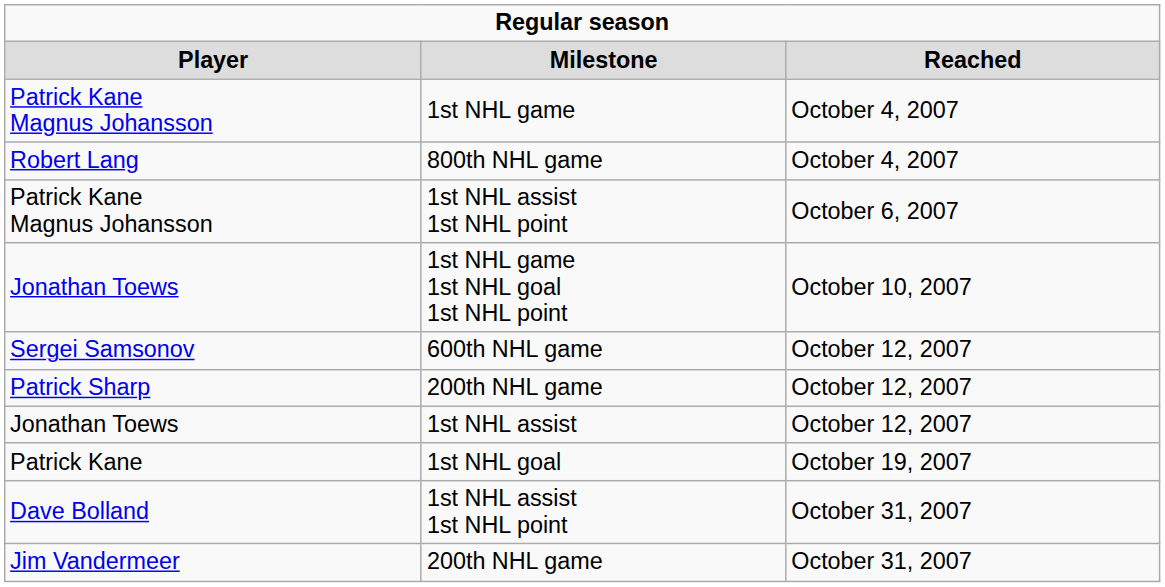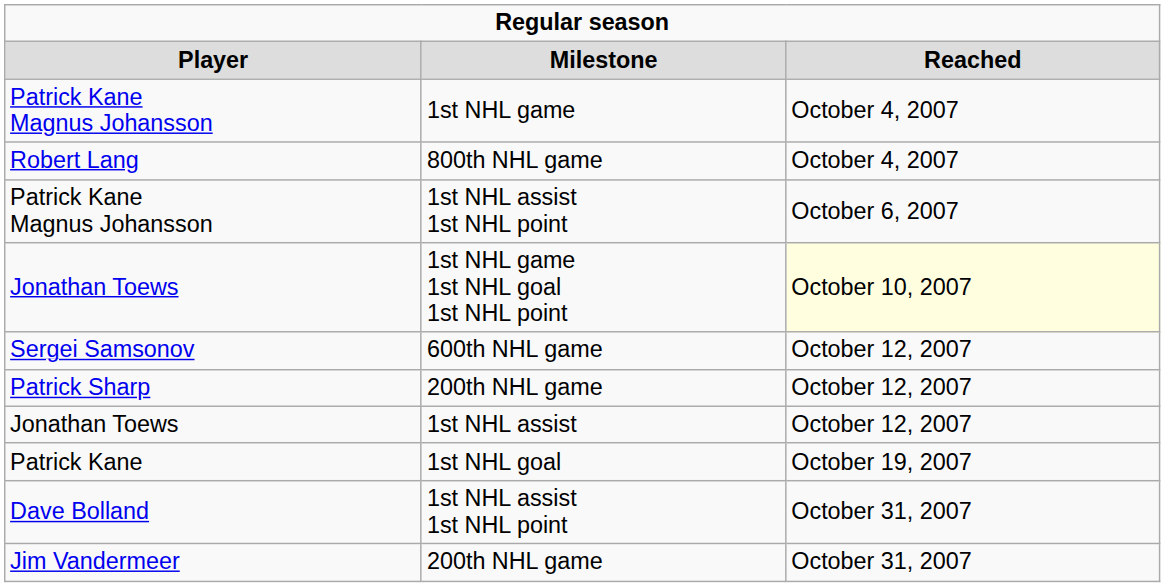 <table class="wikitable" width="50%">
 <tr>
 <td colspan="10" align="center"><strong>Regular season</strong></td>
 </tr>
 <tr align="center"  bgcolor="#dddddd">
 <td><strong>Player</strong></td>
 <td><strong>Milestone</strong></td>
 <td><strong>Reached</strong></td>
 </tr>
 <tr>
 <td><a href='#'>Patrick Kane</a><br><a href='#'>Magnus Johansson</a></td>
 <td>1st NHL game</td>
 <td>October 4, 2007</td>
 </tr>
 <tr>
 <td><a href='#'>Robert Lang</a></td>
 <td>800th NHL game</td>
 <td>October 4, 2007</td>
 </tr>
 <tr>
 <td>Patrick Kane<br>Magnus Johansson</td>
 <td>1st NHL assist<br>1st NHL point</td>
 <td>October 6, 2007</td>
 </tr>
 <tr>
 <td><a href='#'>Jonathan Toews</a></td>
 <td>1st NHL game<br>1st NHL goal<br>1st NHL point</td>
-<td>October 10, 2007</td>
+<td style="background: lightyellow;">October 10, 2007</td>
 </tr>
 <tr>
 <td><a href='#'>Sergei Samsonov</a></td>
 <td>600th NHL game</td>
 <td>October 12, 2007</td>
 </tr>
 <tr>
 <td><a href='#'>Patrick Sharp</a></td>
 <td>200th NHL game</td>
 <td>October 12, 2007</td>
 </tr>
 <tr>
 <td>Jonathan Toews</td>
 <td>1st NHL assist</td>
 <td>October 12, 2007</td>
 </tr>
 <tr>
 <td>Patrick Kane</td>
 <td>1st NHL goal</td>
 <td>October 19, 2007</td>
 </tr>
 <tr>
 <td><a href='#'>Dave Bolland</a></td>
 <td>1st NHL assist<br>1st NHL point</td>
 <td>October 31, 2007</td>
 </tr>
 <tr>
 <td><a href='#'>Jim Vandermeer</a></td>
 <td>200th NHL game</td>
 <td>October 31, 2007</td>
 </tr>
 </table>
